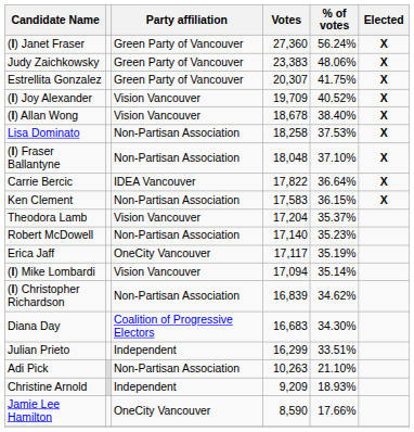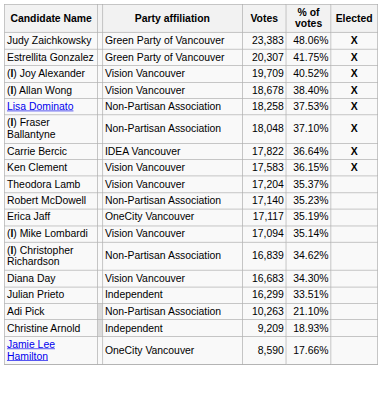 <table class="wikitable sortable" style="margin:5px; width: 65%">
 <tr>
 <th style="width:20%;">Candidate Name</th>
 <th class="unsortable" style="width:0.05%;"></th>
 <th style="width:30%;">Party affiliation</th>
 <th style="width:8%;">Votes</th>
 <th style="width:5%;">% of votes</th>
 <th style="width:5%;">Elected</th>
-</tr>
-<tr>
-<td data-sort-value="Fraser, Janet">(<strong>I</strong>) Janet Fraser</td>
-<td style="background:"></td>
-<td>Green Party of Vancouver</td>
-<td style="text-align: right;">27,360</td>
-<td style="text-align: right;">56.24%</td>
-<td style="text-align: center;"><strong>X</strong></td>
 </tr>
 <tr>
 <td data-sort-value="Zaichkowsky, Judy">Judy Zaichkowsky</td>
 <td style="background:"></td>
 <td>Green Party of Vancouver</td>
 <td style="text-align: right;">23,383</td>
 <td style="text-align: right;">48.06%</td>
 <td style="text-align: center;"><strong>X</strong></td>
 </tr>
 <tr>
 <td data-sort-value="Gonzalez, Estrellita">Estrellita Gonzalez</td>
 <td style="background:"></td>
 <td>Green Party of Vancouver</td>
 <td style="text-align: right;">20,307</td>
 <td style="text-align: right;">41.75%</td>
 <td style="text-align: center;"><strong>X</strong></td>
 </tr>
 <tr>
 <td data-sort-value="Alexander, Joy">(<strong>I</strong>) Joy Alexander</td>
 <td style="background:"></td>
 <td>Vision Vancouver</td>
 <td style="text-align: right;">19,709</td>
 <td style="text-align: right;">40.52%</td>
 <td style="text-align: center;"><strong>X</strong></td>
 </tr>
 <tr>
 <td data-sort-value="Wong, Allan">(<strong>I</strong>) Allan Wong</td>
 <td style="background:"></td>
 <td>Vision Vancouver</td>
 <td style="text-align: right;">18,678</td>
 <td style="text-align: right;">38.40%</td>
 <td style="text-align: center;"><strong>X</strong></td>
 </tr>
 <tr>
 <td data-sort-value="Dominato, Lisa"><a href='#'>Lisa Dominato</a></td>
 <td style="background:"></td>
 <td>Non-Partisan Association</td>
 <td style="text-align: right;">18,258</td>
 <td style="text-align: right;">37.53%</td>
 <td style="text-align: center;"><strong>X</strong></td>
 </tr>
 <tr>
 <td data-sort-value="Ballantyne, Fraser">(<strong>I</strong>) Fraser Ballantyne</td>
 <td style="background:"></td>
 <td>Non-Partisan Association</td>
 <td style="text-align: right;">18,048</td>
 <td style="text-align: right;">37.10%</td>
 <td style="text-align: center;"><strong>X</strong></td>
 </tr>
 <tr>
 <td data-sort-value="Bercic, Carrie">Carrie Bercic</td>
 <td style="background:"></td>
 <td>IDEA Vancouver</td>
 <td style="text-align: right;">17,822</td>
 <td style="text-align: right;">36.64%</td>
 <td style="text-align: center;"><strong>X</strong></td>
 </tr>
 <tr>
 <td data-sort-value="Clement, Ken">Ken Clement</td>
 <td style="background:"></td>
-<td>Non-Partisan Association</td>
+<td>Vision Vancouver</td>
 <td style="text-align: right;">17,583</td>
 <td style="text-align: right;">36.15%</td>
 <td style="text-align: center;"><strong>X</strong></td>
 </tr>
 <tr>
 <td data-sort-value="Lamb, Theodora">Theodora Lamb</td>
 <td style="background:"></td>
 <td>Vision Vancouver</td>
 <td style="text-align: right;">17,204</td>
 <td style="text-align: right;">35.37%</td>
 <td></td>
 </tr>
 <tr>
 <td data-sort-value="McDowell, Robert">Robert McDowell</td>
 <td style="background:"></td>
 <td>Non-Partisan Association</td>
 <td style="text-align: right;">17,140</td>
 <td style="text-align: right;">35.23%</td>
 <td></td>
 </tr>
 <tr>
 <td data-sort-value="Jaff, Erica">Erica Jaff</td>
 <td style="background:"></td>
 <td>OneCity Vancouver</td>
 <td style="text-align: right;">17,117</td>
 <td style="text-align: right;">35.19%</td>
 <td></td>
 </tr>
 <tr>
 <td data-sort-value="Lombardi, Mike">(<strong>I</strong>) Mike Lombardi</td>
 <td style="background:"></td>
 <td>Vision Vancouver</td>
 <td style="text-align: right;">17,094</td>
 <td style="text-align: right;">35.14%</td>
 <td></td>
 </tr>
 <tr>
 <td data-sort-value="Richardson, Christopher">(<strong>I</strong>) Christopher Richardson</td>
 <td style="background:"></td>
 <td>Non-Partisan Association</td>
 <td style="text-align: right;">16,839</td>
 <td style="text-align: right;">34.62%</td>
 <td></td>
 </tr>
 <tr>
 <td data-sort-value="Day, Diana">Diana Day</td>
 <td style="background:"></td>
-<td><a href='#'>Coalition of Progressive Electors</a></td>
+<td>Vision Vancouver</td>
 <td style="text-align: right;">16,683</td>
 <td style="text-align: right;">34.30%</td>
 <td></td>
 </tr>
 <tr>
 <td data-sort-value="Prieto, Julian">Julian Prieto</td>
 <td style="background:"></td>
 <td>Independent</td>
 <td style="text-align: right;">16,299</td>
 <td style="text-align: right;">33.51%</td>
 <td></td>
 </tr>
 <tr>
 <td data-sort-value="Pick, Adi">Adi Pick</td>
 <td style="background:gainsboro;"></td>
 <td>Non-Partisan Association</td>
 <td style="text-align: right;">10,263</td>
 <td style="text-align: right;">21.10%</td>
 <td></td>
 </tr>
 <tr>
 <td data-sort-value="Arnold, Christine">Christine Arnold</td>
 <td style="background:gainsboro;"></td>
 <td>Independent</td>
 <td style="text-align: right;">9,209</td>
 <td style="text-align: right;">18.93%</td>
 <td></td>
 </tr>
 <tr>
 <td data-sort-value="Hamilton, Jamie Lee"><a href='#'>Jamie Lee Hamilton</a></td>
 <td></td>
 <td>OneCity Vancouver</td>
 <td style="text-align: right;">8,590</td>
 <td style="text-align: right;">17.66%</td>
 <td></td>
 </tr>
 <tr>
 </tr>
 </table>
